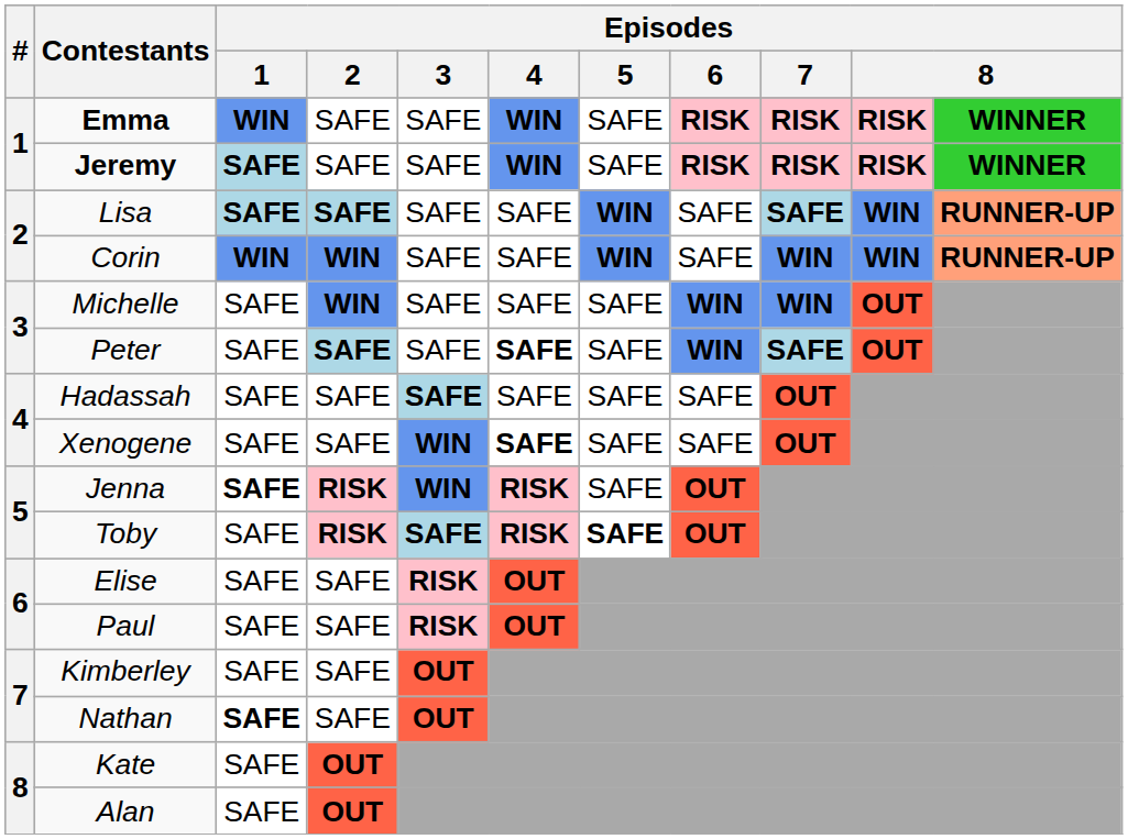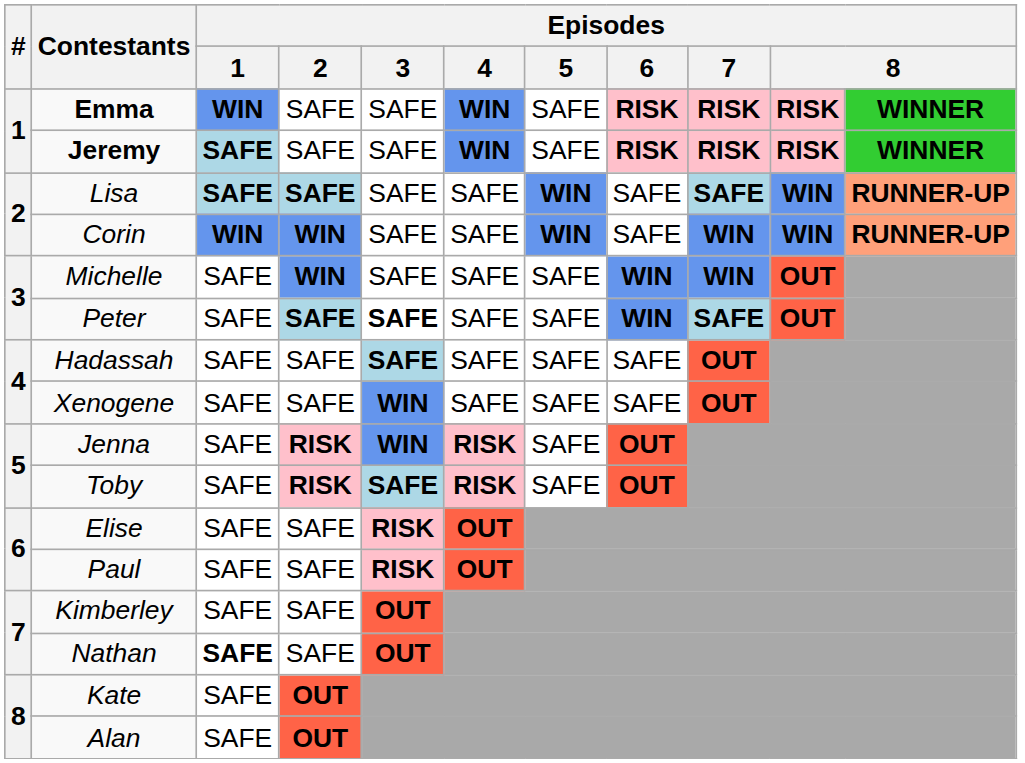 <table class="wikitable" style="text-align:center">
 <tr>
 <th rowspan="2">#</th>
 <th rowspan="2">Contestants</th>
 <th colspan="9">Episodes</th>
 </tr>
 <tr>
 <th>1</th>
 <th>2</th>
 <th>3</th>
 <th>4</th>
 <th>5</th>
 <th>6</th>
 <th>7</th>
 <th colspan="2">8</th>
 </tr>
 <tr>
 <th rowspan="2">1</th>
 <td><strong>Emma</strong></td>
 <td bgcolor="cornflowerblue"><strong>WIN</strong></td>
 <td bgcolor="white">SAFE</td>
 <td bgcolor="white">SAFE</td>
 <td bgcolor="cornflowerblue"><strong>WIN</strong></td>
 <td bgcolor="white">SAFE</td>
 <td bgcolor="pink"><strong>RISK</strong></td>
 <td bgcolor="pink"><strong>RISK</strong></td>
 <td bgcolor="pink"><strong>RISK</strong></td>
 <td bgcolor="limegreen"><strong>WINNER</strong></td>
 </tr>
 <tr>
 <td><strong>Jeremy</strong></td>
 <td bgcolor="lightblue"><strong>SAFE</strong></td>
 <td bgcolor="white">SAFE</td>
 <td bgcolor="white">SAFE</td>
 <td bgcolor="cornflowerblue"><strong>WIN</strong></td>
 <td bgcolor="white">SAFE</td>
 <td bgcolor="pink"><strong>RISK</strong></td>
 <td bgcolor="pink"><strong>RISK</strong></td>
 <td bgcolor="pink"><strong>RISK</strong></td>
 <td bgcolor="limegreen"><strong>WINNER</strong></td>
 </tr>
 <tr>
 <th rowspan="2">2</th>
 <td><em>Lisa</em></td>
 <td bgcolor="lightblue"><strong>SAFE</strong></td>
 <td bgcolor="lightblue"><strong>SAFE</strong></td>
 <td bgcolor="white">SAFE</td>
 <td bgcolor="white">SAFE</td>
 <td bgcolor="cornflowerblue"><strong>WIN</strong></td>
 <td bgcolor="white">SAFE</td>
 <td bgcolor="lightblue"><strong>SAFE</strong></td>
 <td bgcolor="cornflowerblue"><strong>WIN</strong></td>
 <td bgcolor="lightsalmon"><strong>RUNNER-UP</strong></td>
 </tr>
 <tr>
 <td><em>Corin</em></td>
 <td bgcolor="cornflowerblue"><strong>WIN</strong></td>
 <td bgcolor="cornflowerblue"><strong>WIN</strong></td>
 <td bgcolor="white">SAFE</td>
 <td bgcolor="white">SAFE</td>
 <td bgcolor="cornflowerblue"><strong>WIN</strong></td>
 <td bgcolor="white">SAFE</td>
 <td bgcolor="cornflowerblue"><strong>WIN</strong></td>
 <td bgcolor="cornflowerblue"><strong>WIN</strong></td>
 <td bgcolor="lightsalmon"><strong>RUNNER-UP</strong></td>
 </tr>
 <tr>
 <th rowspan="2">3</th>
 <td><em>Michelle</em></td>
 <td bgcolor="white">SAFE</td>
 <td bgcolor="cornflowerblue"><strong>WIN</strong></td>
 <td bgcolor="white">SAFE</td>
 <td bgcolor="white">SAFE</td>
 <td bgcolor="white">SAFE</td>
 <td bgcolor="cornflowerblue"><strong>WIN</strong></td>
 <td bgcolor="cornflowerblue"><strong>WIN</strong></td>
 <td bgcolor="tomato"><strong>OUT</strong></td>
 <td bgcolor="darkgray" colspan="11"></td>
 </tr>
 <tr>
 <td><em>Peter</em></td>
 <td bgcolor="white">SAFE</td>
 <td bgcolor="lightblue"><strong>SAFE</strong></td>
+<td bgcolor="white"><strong>SAFE</strong></td>
 <td bgcolor="white">SAFE</td>
-<td bgcolor="white"><strong>SAFE</strong></td>
 <td bgcolor="white">SAFE</td>
 <td bgcolor="cornflowerblue"><strong>WIN</strong></td>
 <td bgcolor="lightblue"><strong>SAFE</strong></td>
 <td bgcolor="tomato"><strong>OUT</strong></td>
 <td bgcolor="darkgray" colspan="11"></td>
 </tr>
 <tr>
 <th rowspan="2">4</th>
 <td><em>Hadassah</em></td>
 <td bgcolor="white">SAFE</td>
 <td bgcolor="white">SAFE</td>
 <td bgcolor="lightblue"><strong>SAFE</strong></td>
 <td bgcolor="white">SAFE</td>
 <td bgcolor="white">SAFE</td>
 <td bgcolor="white">SAFE</td>
 <td bgcolor="tomato"><strong>OUT</strong></td>
 <td bgcolor="darkgray" colspan="11"></td>
 </tr>
 <tr>
 <td><em>Xenogene</em></td>
 <td bgcolor="white">SAFE</td>
 <td bgcolor="white">SAFE</td>
 <td bgcolor="cornflowerblue"><strong>WIN</strong></td>
-<td bgcolor="white"><strong>SAFE</strong></td>
+<td bgcolor="white">SAFE</td>
 <td bgcolor="white">SAFE</td>
 <td bgcolor="white">SAFE</td>
 <td bgcolor="tomato"><strong>OUT</strong></td>
 <td bgcolor="darkgray" colspan="11"></td>
 </tr>
 <tr>
 <th rowspan="2">5</th>
 <td><em>Jenna</em></td>
-<td bgcolor="white"><strong>SAFE</strong></td>
+<td bgcolor="white">SAFE</td>
 <td bgcolor="pink"><strong>RISK</strong></td>
 <td bgcolor="cornflowerblue"><strong>WIN</strong></td>
 <td bgcolor="pink"><strong>RISK</strong></td>
 <td bgcolor="white">SAFE</td>
 <td bgcolor="tomato"><strong>OUT</strong></td>
 <td bgcolor="darkgray" colspan="12"></td>
 </tr>
 <tr>
 <td><em>Toby</em></td>
 <td bgcolor="white">SAFE</td>
 <td bgcolor="pink"><strong>RISK</strong></td>
 <td bgcolor="lightblue"><strong>SAFE</strong></td>
 <td bgcolor="pink"><strong>RISK</strong></td>
-<td bgcolor="white"><strong>SAFE</strong></td>
+<td bgcolor="white">SAFE</td>
 <td bgcolor="tomato"><strong>OUT</strong></td>
 <td bgcolor="darkgray" colspan="12"></td>
 </tr>
 <tr>
 <th rowspan="2">6</th>
 <td><em>Elise</em></td>
 <td bgcolor="white">SAFE</td>
 <td bgcolor="white">SAFE</td>
 <td bgcolor="pink"><strong>RISK</strong></td>
 <td bgcolor="tomato"><strong>OUT</strong></td>
 <td bgcolor="darkgray" colspan="14"></td>
 </tr>
 <tr>
 <td><em>Paul</em></td>
 <td bgcolor="white">SAFE</td>
 <td bgcolor="white">SAFE</td>
 <td bgcolor="pink"><strong>RISK</strong></td>
 <td bgcolor="tomato"><strong>OUT</strong></td>
 <td bgcolor="darkgray" colspan="14"></td>
 </tr>
 <tr>
 <th rowspan="2">7</th>
 <td><em>Kimberley</em></td>
 <td bgcolor="white">SAFE</td>
 <td bgcolor="white">SAFE</td>
 <td bgcolor="tomato"><strong>OUT</strong></td>
 <td bgcolor="darkgray" colspan="15"></td>
 </tr>
 <tr>
 <td><em>Nathan</em></td>
 <td bgcolor="white"><strong>SAFE</strong></td>
 <td bgcolor="white">SAFE</td>
 <td bgcolor="tomato"><strong>OUT</strong></td>
 <td bgcolor="darkgray" colspan="15"></td>
 </tr>
 <tr>
 <th rowspan="2">8</th>
 <td><em>Kate</em></td>
 <td bgcolor="white">SAFE</td>
 <td bgcolor="tomato"><strong>OUT</strong></td>
 <td bgcolor="darkgray" colspan="10"></td>
 </tr>
 <tr>
 <td><em>Alan</em></td>
 <td bgcolor="white">SAFE</td>
 <td bgcolor="tomato"><strong>OUT</strong></td>
 <td bgcolor="darkgray" colspan="10"></td>
 </tr>
 <tr>
 </tr>
 </table>
